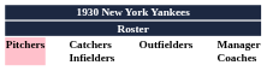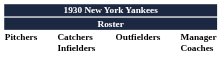 <table class="toccolours" style="font-size: 95%;">
 <tr>
 <th colspan="10" style="background-color: #1c2841; color: white; text-align: center;">1930 New York Yankees</th>
 </tr>
 <tr>
 <td colspan="10" style="background-color: #1c2841; color: white; text-align: center;"><strong>Roster</strong></td>
 </tr>
 <tr>
-<td valign="top" style="background: pink;"><strong>Pitchers</strong><br>                </td>
+<td valign="top"><strong>Pitchers</strong><br>                </td>
 <td width="25px"></td>
 <td valign="top"><strong>Catchers</strong><br>    <strong>Infielders</strong>        </td>
 <td width="25px"></td>
 <td valign="top"><strong>Outfielders</strong><br>      </td>
 <td width="25px"></td>
 <td valign="top"><strong>Manager</strong><br> <strong>Coaches</strong>   </td>
 </tr>
 </table>
